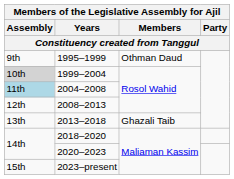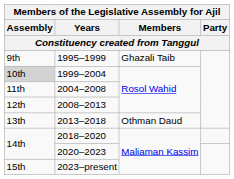 <table class="wikitable">
 <tr>
 <th colspan="4">Members of the Legislative Assembly for Ajil</th>
 </tr>
 <tr>
 <th>Assembly</th>
 <th>Years</th>
 <th>Members</th>
 <th>Party</th>
 </tr>
 <tr>
 <th colspan="4"><em>Constituency created from Tanggul</em></th>
 </tr>
 <tr>
 <td>9th</td>
 <td>1995–1999</td>
-<td>Othman Daud</td>
+<td>Ghazali Taib</td>
 <td rowspan="5"></td>
 </tr>
 <tr>
 <td style="background: lightgrey;">10th</td>
 <td>1999–2004</td>
 <td rowspan="3"><a href='#'>Rosol Wahid</a></td>
 </tr>
 <tr>
-<td style="background: lightblue;">11th</td>
+<td>11th</td>
 <td>2004–2008</td>
 </tr>
 <tr>
 <td>12th</td>
 <td>2008–2013</td>
 </tr>
 <tr>
 <td>13th</td>
 <td>2013–2018</td>
-<td>Ghazali Taib</td>
+<td>Othman Daud</td>
 </tr>
 <tr>
 <td rowspan="2">14th</td>
 <td>2018–2020</td>
 <td rowspan="3"><a href='#'>Maliaman Kassim</a></td>
 <td></td>
 </tr>
 <tr>
 <td>2020–2023</td>
 <td rowspan=2></td>
 </tr>
 <tr>
 <td>15th</td>
 <td>2023–present</td>
 </tr>
 </table>
